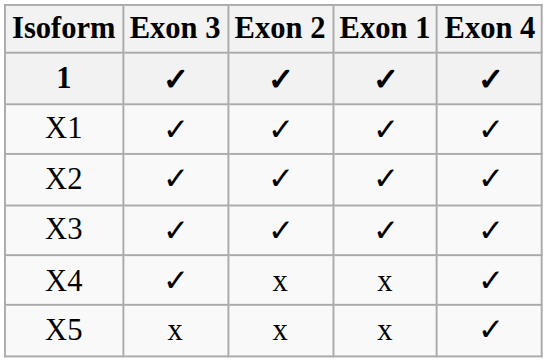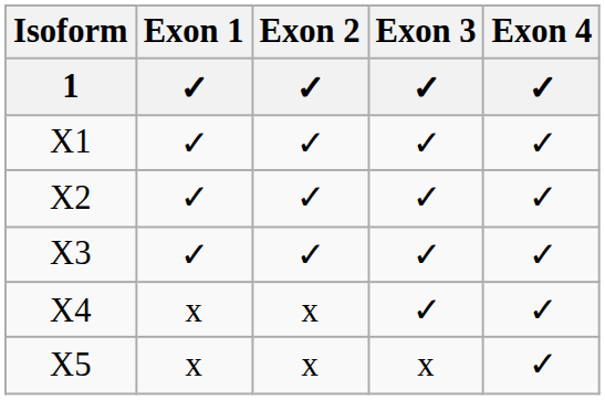 <table class="wikitable" style="text-align: center;">
 <tr>
 <th>Isoform</th>
+<th>Exon 1</th>
+<th>Exon 2</th>
 <th>Exon 3</th>
-<th>Exon 2</th>
-<th>Exon 1</th>
 <th>Exon 4</th>
 </tr>
 <tr>
 <th>1</th>
 <th>✓</th>
 <th>✓</th>
 <th>✓</th>
 <th>✓</th>
 </tr>
 <tr>
 <td>X1</td>
 <td>✓</td>
 <td>✓</td>
 <td>✓</td>
 <td>✓</td>
 </tr>
 <tr>
 <td>X2</td>
 <td>✓</td>
 <td>✓</td>
 <td>✓</td>
 <td>✓</td>
 </tr>
 <tr>
 <td>X3</td>
 <td>✓</td>
 <td>✓</td>
 <td>✓</td>
 <td>✓</td>
 </tr>
 <tr>
 <td>X4</td>
-<td>✓</td>
 <td>x</td>
 <td>x</td>
+<td>✓</td>
 <td>✓</td>
 </tr>
 <tr>
 <td>X5</td>
 <td>x</td>
 <td>x</td>
 <td>x</td>
 <td>✓</td>
 </tr>
 </table>
